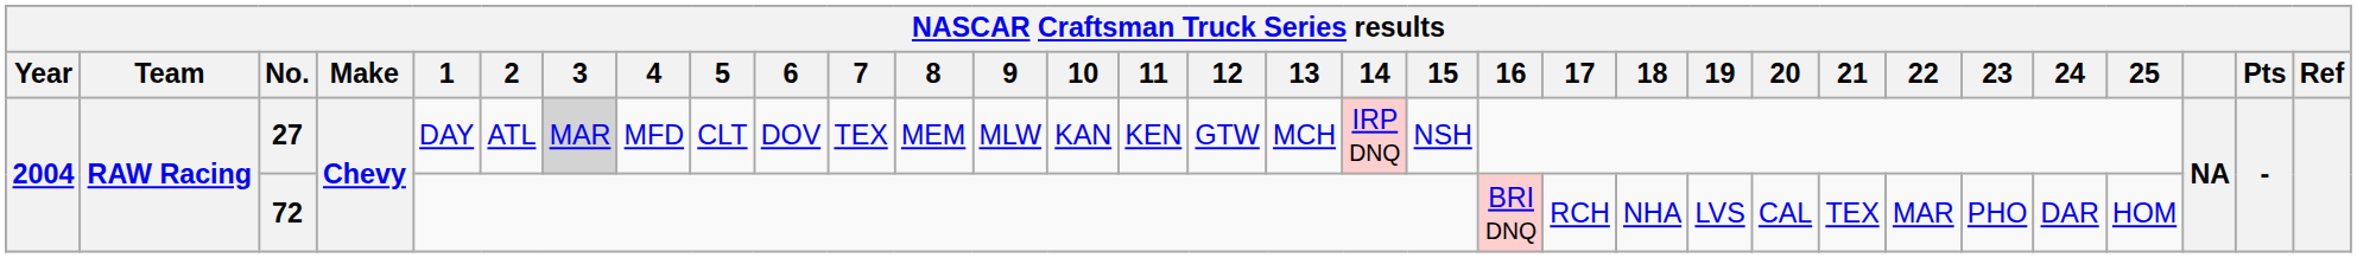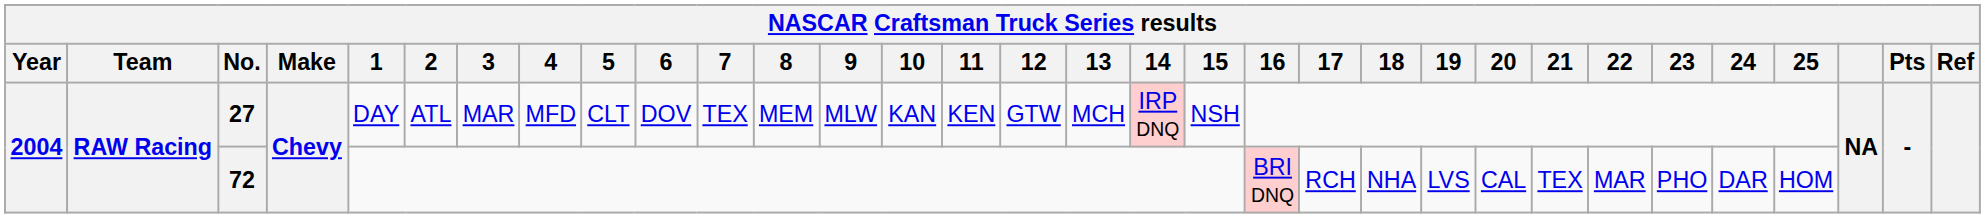 <table class="wikitable" style="text-align:center; font-size:75%">
 <tr>
 <th colspan=34><a href='#'>NASCAR</a> <a href='#'>Craftsman Truck Series</a> results</th>
 </tr>
 <tr>
 <th>Year</th>
 <th>Team</th>
 <th>No.</th>
 <th>Make</th>
 <th>1</th>
 <th>2</th>
 <th>3</th>
 <th>4</th>
 <th>5</th>
 <th>6</th>
 <th>7</th>
 <th>8</th>
 <th>9</th>
 <th>10</th>
 <th>11</th>
 <th>12</th>
 <th>13</th>
 <th>14</th>
 <th>15</th>
 <th>16</th>
 <th>17</th>
 <th>18</th>
 <th>19</th>
 <th>20</th>
 <th>21</th>
 <th>22</th>
 <th>23</th>
 <th>24</th>
 <th>25</th>
 <th></th>
 <th>Pts</th>
 <th>Ref</th>
 </tr>
 <tr>
 <th rowspan=2><a href='#'>2004</a></th>
 <th rowspan=2><a href='#'>RAW Racing</a></th>
 <th>27</th>
 <th rowspan=2><a href='#'>Chevy</a></th>
 <td><a href='#'>DAY</a></td>
 <td><a href='#'>ATL</a></td>
-<td style="background: lightgrey;"><a href='#'>MAR</a></td>
+<td><a href='#'>MAR</a></td>
 <td><a href='#'>MFD</a></td>
 <td><a href='#'>CLT</a></td>
 <td><a href='#'>DOV</a></td>
 <td><a href='#'>TEX</a></td>
 <td><a href='#'>MEM</a></td>
 <td><a href='#'>MLW</a></td>
 <td><a href='#'>KAN</a></td>
 <td><a href='#'>KEN</a></td>
 <td><a href='#'>GTW</a></td>
 <td><a href='#'>MCH</a></td>
 <td style="background:#FFCFCF;"><a href='#'>IRP</a><br><small>DNQ</small></td>
 <td><a href='#'>NSH</a></td>
 <td colspan=10></td>
 <th rowspan=2>NA</th>
 <th rowspan=2>-</th>
 <th rowspan=2></th>
 </tr>
 <tr>
 <th>72</th>
 <td colspan=15></td>
 <td style="background:#FFCFCF;"><a href='#'>BRI</a><br><small>DNQ</small></td>
 <td><a href='#'>RCH</a></td>
 <td><a href='#'>NHA</a></td>
 <td><a href='#'>LVS</a></td>
 <td><a href='#'>CAL</a></td>
 <td><a href='#'>TEX</a></td>
 <td><a href='#'>MAR</a></td>
 <td><a href='#'>PHO</a></td>
 <td><a href='#'>DAR</a></td>
 <td><a href='#'>HOM</a></td>
 </tr>
 </table>
